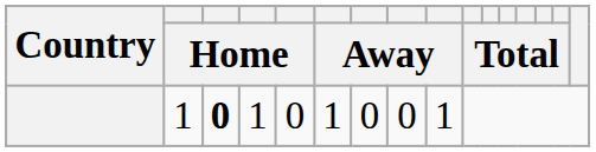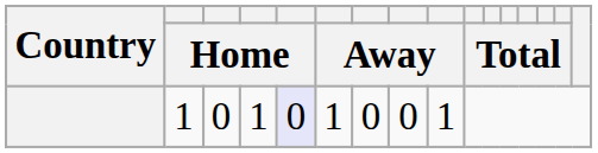 <table class="wikitable sortable plainrowheaders" style="text-align:center">
 <tr>
 <th scope="col" rowspan="2">Country</th>
 <th scope="col"></th>
 <th scope="col"></th>
 <th scope="col"></th>
 <th scope="col"></th>
 <th scope="col"></th>
 <th scope="col"></th>
 <th scope="col"></th>
 <th scope="col"></th>
 <th scope="col"></th>
 <th scope="col"></th>
 <th scope="col"></th>
 <th scope="col"></th>
 <th scope="col"></th>
 <th scope="col"></th>
 <th scope="col" rowspan="2"></th>
 </tr>
 <tr class="unsortable">
 <th colspan="4">Home</th>
 <th colspan="4">Away</th>
 <th colspan="6">Total</th>
 </tr>
 <tr>
 <th scope="row" align=left></th>
 <td>1</td>
-<td><strong>0</strong></td>
+<td>0</td>
 <td>1</td>
-<td>0</td>
+<td style="background: lavender;">0</td>
 <td>1</td>
 <td>0</td>
 <td>0</td>
 <td>1<br></td>
 </tr>
 </table>
